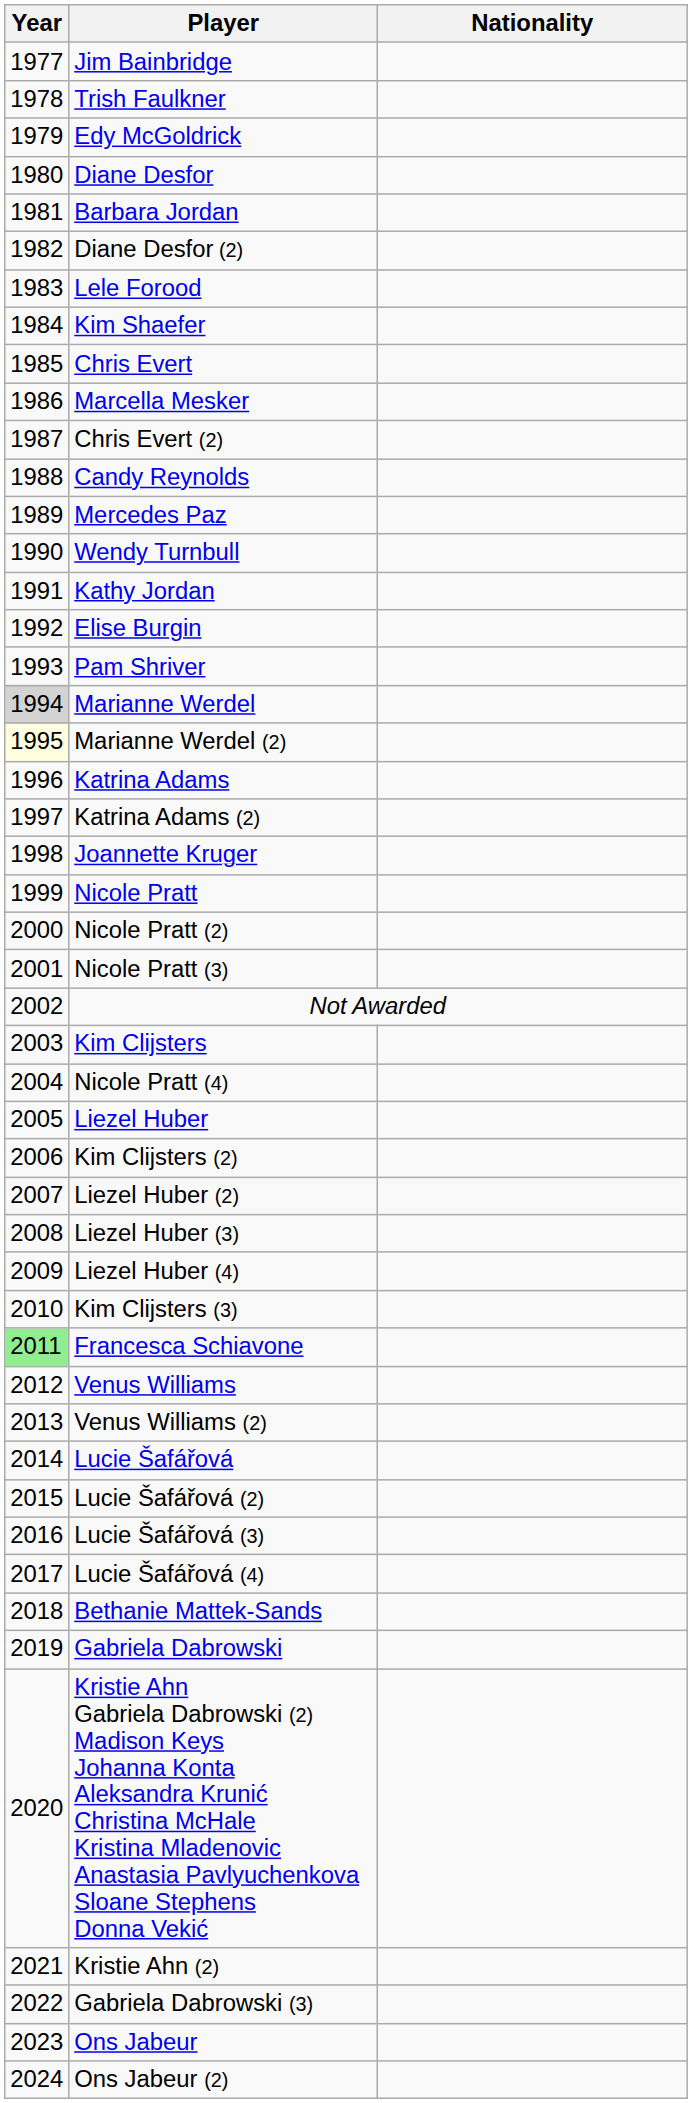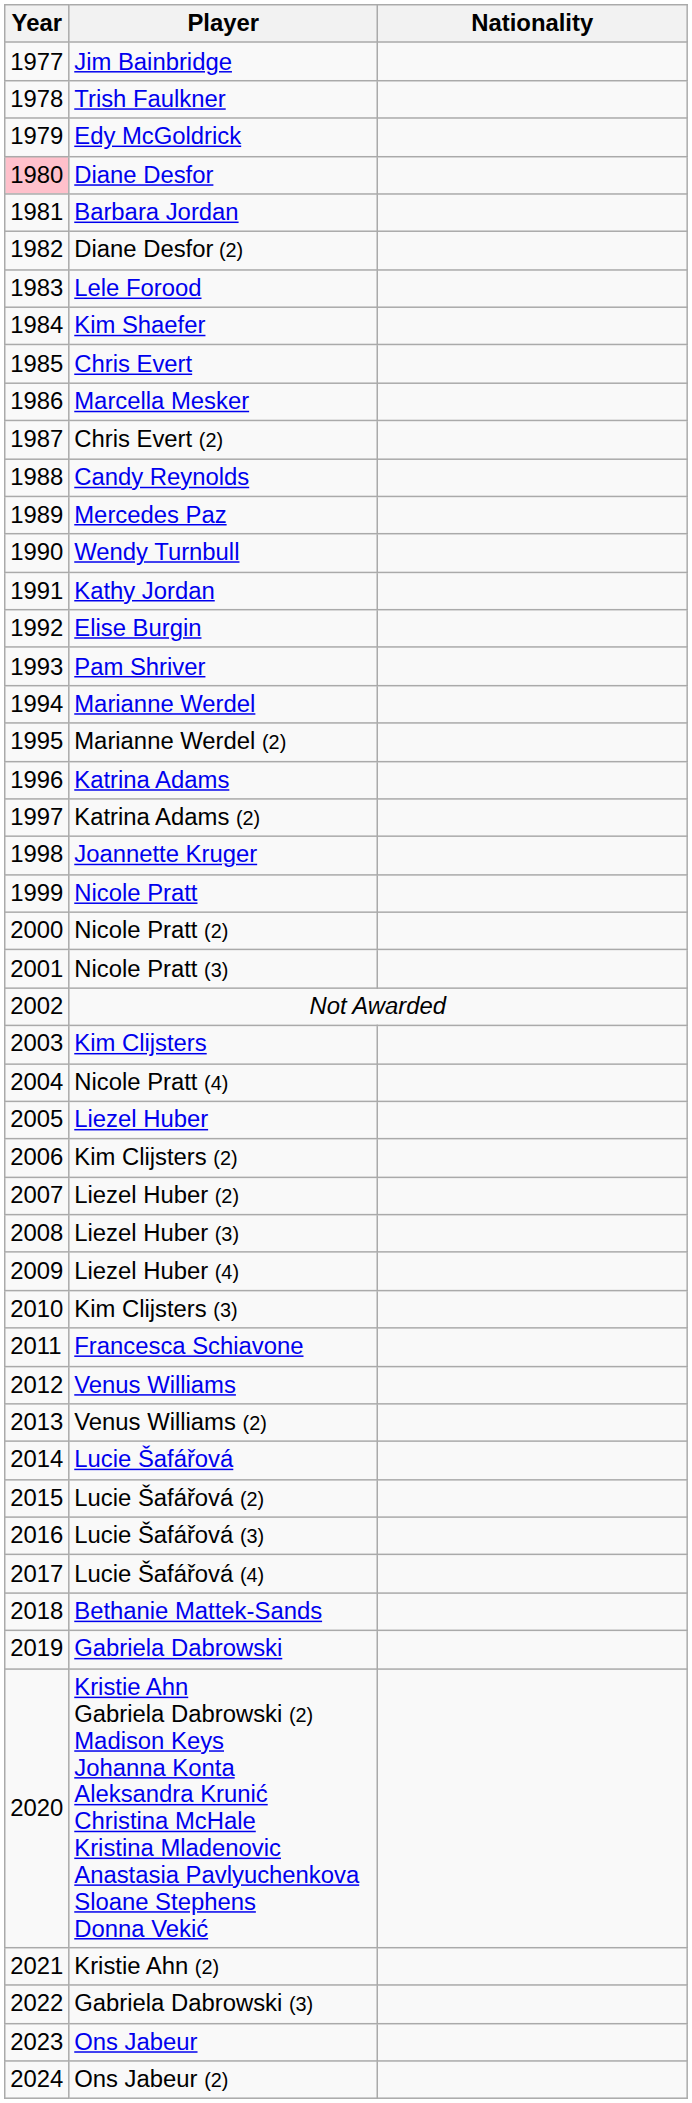 <table class="wikitable">
 <tr>
 <th>Year</th>
 <th width=200>Player</th>
 <th width=200>Nationality</th>
 </tr>
 <tr>
 <td>1977</td>
 <td><a href='#'>Jim Bainbridge</a></td>
 <td></td>
 </tr>
 <tr>
 <td>1978</td>
 <td><a href='#'>Trish Faulkner</a></td>
 <td></td>
 </tr>
 <tr>
 <td>1979</td>
 <td><a href='#'>Edy McGoldrick</a></td>
 <td></td>
 </tr>
 <tr>
-<td>1980</td>
+<td style="background: pink;">1980</td>
 <td><a href='#'>Diane Desfor</a></td>
 <td></td>
 </tr>
 <tr>
 <td>1981</td>
 <td><a href='#'>Barbara Jordan</a></td>
 <td></td>
 </tr>
 <tr>
 <td>1982</td>
 <td>Diane Desfor<small> (2) </small></td>
 <td></td>
 </tr>
 <tr>
 <td>1983</td>
 <td><a href='#'>Lele Forood</a></td>
 <td></td>
 </tr>
 <tr>
 <td>1984</td>
 <td><a href='#'>Kim Shaefer</a></td>
 <td></td>
 </tr>
 <tr>
 <td>1985</td>
 <td><a href='#'>Chris Evert</a></td>
 <td></td>
 </tr>
 <tr>
 <td>1986</td>
 <td><a href='#'>Marcella Mesker</a></td>
 <td></td>
 </tr>
 <tr>
 <td>1987</td>
 <td>Chris Evert <small>(2)</small></td>
 <td></td>
 </tr>
 <tr>
 <td>1988</td>
 <td><a href='#'>Candy Reynolds</a></td>
 <td></td>
 </tr>
 <tr>
 <td>1989</td>
 <td><a href='#'>Mercedes Paz</a></td>
 <td></td>
 </tr>
 <tr>
 <td>1990</td>
 <td><a href='#'>Wendy Turnbull</a></td>
 <td></td>
 </tr>
 <tr>
 <td>1991</td>
 <td><a href='#'>Kathy Jordan</a></td>
 <td></td>
 </tr>
 <tr>
 <td>1992</td>
 <td><a href='#'>Elise Burgin</a></td>
 <td></td>
 </tr>
 <tr>
 <td>1993</td>
 <td><a href='#'>Pam Shriver</a></td>
 <td></td>
 </tr>
 <tr>
-<td style="background: lightgrey;">1994</td>
+<td>1994</td>
 <td><a href='#'>Marianne Werdel</a></td>
 <td></td>
 </tr>
 <tr>
-<td style="background: lightyellow;">1995</td>
+<td>1995</td>
 <td>Marianne Werdel <small>(2)</small></td>
 <td></td>
 </tr>
 <tr>
 <td>1996</td>
 <td><a href='#'>Katrina Adams</a></td>
 <td></td>
 </tr>
 <tr>
 <td>1997</td>
 <td>Katrina Adams <small>(2)</small></td>
 <td></td>
 </tr>
 <tr>
 <td>1998</td>
 <td><a href='#'>Joannette Kruger</a></td>
 <td></td>
 </tr>
 <tr>
 <td>1999</td>
 <td><a href='#'>Nicole Pratt</a></td>
 <td></td>
 </tr>
 <tr>
 <td>2000</td>
 <td>Nicole Pratt <small>(2)</small></td>
 <td></td>
 </tr>
 <tr>
 <td>2001</td>
 <td>Nicole Pratt <small>(3)</small></td>
 <td></td>
 </tr>
 <tr>
 <td>2002</td>
 <td colspan=2 style="text-align:center;"><em>Not Awarded</em></td>
 </tr>
 <tr>
 <td>2003</td>
 <td><a href='#'>Kim Clijsters</a></td>
 <td></td>
 </tr>
 <tr>
 <td>2004</td>
 <td>Nicole Pratt <small>(4)</small></td>
 <td></td>
 </tr>
 <tr>
 <td>2005</td>
 <td><a href='#'>Liezel Huber</a></td>
 <td></td>
 </tr>
 <tr>
 <td>2006</td>
 <td>Kim Clijsters <small>(2)</small></td>
 <td></td>
 </tr>
 <tr>
 <td>2007</td>
 <td>Liezel Huber <small>(2)</small></td>
 <td></td>
 </tr>
 <tr>
 <td>2008</td>
 <td>Liezel Huber <small>(3)</small></td>
 <td></td>
 </tr>
 <tr>
 <td>2009</td>
 <td>Liezel Huber <small>(4)</small></td>
 <td></td>
 </tr>
 <tr>
 <td>2010</td>
 <td>Kim Clijsters <small>(3)</small></td>
 <td></td>
 </tr>
 <tr>
-<td style="background: lightgreen;">2011</td>
+<td>2011</td>
 <td><a href='#'>Francesca Schiavone</a></td>
 <td></td>
 </tr>
 <tr>
 <td>2012</td>
 <td><a href='#'>Venus Williams</a></td>
 <td></td>
 </tr>
 <tr>
 <td>2013</td>
 <td>Venus Williams <small>(2)</small></td>
 <td></td>
 </tr>
 <tr>
 <td>2014</td>
 <td><a href='#'>Lucie Šafářová</a></td>
 <td></td>
 </tr>
 <tr>
 <td>2015</td>
 <td>Lucie Šafářová <small>(2)</small></td>
 <td></td>
 </tr>
 <tr>
 <td>2016</td>
 <td>Lucie Šafářová <small>(3)</small></td>
 <td></td>
 </tr>
 <tr>
 <td>2017</td>
 <td>Lucie Šafářová <small>(4)</small></td>
 <td></td>
 </tr>
 <tr>
 <td>2018</td>
 <td><a href='#'>Bethanie Mattek-Sands</a></td>
 <td></td>
 </tr>
 <tr>
 <td>2019</td>
 <td><a href='#'>Gabriela Dabrowski</a></td>
 <td></td>
 </tr>
 <tr>
 <td>2020</td>
 <td><a href='#'>Kristie Ahn</a><br>Gabriela Dabrowski <small>(2)</small><br><a href='#'>Madison Keys</a><br><a href='#'>Johanna Konta</a><br><a href='#'>Aleksandra Krunić</a><br><a href='#'>Christina McHale</a><br><a href='#'>Kristina Mladenovic</a><br><a href='#'>Anastasia Pavlyuchenkova</a><br><a href='#'>Sloane Stephens</a><br><a href='#'>Donna Vekić</a></td>
 <td><br><br><br><br><br><br><br><br><br></td>
 </tr>
 <tr>
 <td>2021</td>
 <td>Kristie Ahn <small>(2)</small></td>
 <td></td>
 </tr>
 <tr>
 <td>2022</td>
 <td>Gabriela Dabrowski <small>(3)</small></td>
 <td></td>
 </tr>
 <tr>
 <td>2023</td>
 <td><a href='#'>Ons Jabeur</a></td>
 <td></td>
 </tr>
 <tr>
 <td>2024</td>
 <td>Ons Jabeur <small>(2)</small></td>
 <td></td>
 </tr>
 </table>
